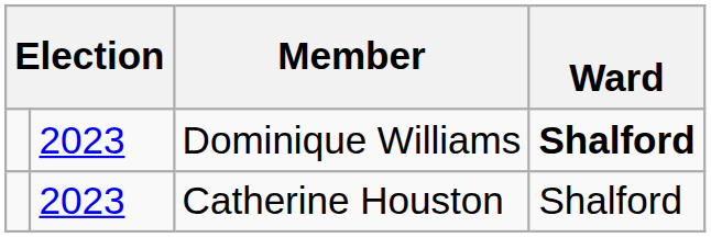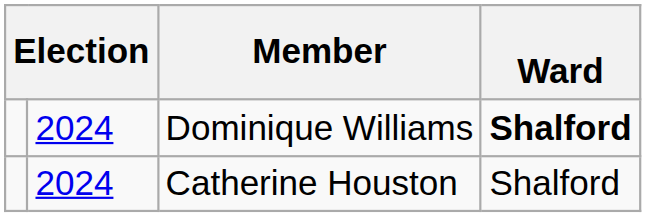 <table class="wikitable">
 <tr>
 <th colspan="2">Election</th>
 <th>Member</th>
 <th><br>Ward</th>
 </tr>
 <tr>
 <td style="background-color:"></td>
-<td><a href='#'>2023</a></td>
+<td><a href='#'>2024</a></td>
 <td>Dominique Williams</td>
 <td><strong>Shalford</strong></td>
 </tr>
 <tr>
 <td style="background-color:"></td>
-<td><a href='#'>2023</a></td>
+<td><a href='#'>2024</a></td>
 <td>Catherine Houston</td>
 <td>Shalford</td>
 </tr>
 </table>
